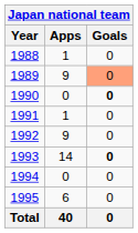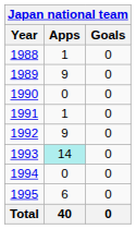 <table class="wikitable" style="text-align:center">
 <tr>
 <th colspan=3><a href='#'>Japan national team</a></th>
 </tr>
 <tr>
 <th>Year</th>
 <th>Apps</th>
 <th>Goals</th>
 </tr>
 <tr>
 <td><a href='#'>1988</a></td>
 <td>1</td>
 <td>0</td>
 </tr>
 <tr>
 <td><a href='#'>1989</a></td>
 <td>9</td>
-<td style="background: lightsalmon;">0</td>
+<td>0</td>
 </tr>
 <tr>
 <td><a href='#'>1990</a></td>
 <td>0</td>
-<td><strong>0</strong></td>
+<td>0</td>
 </tr>
 <tr>
 <td><a href='#'>1991</a></td>
 <td>1</td>
 <td>0</td>
 </tr>
 <tr>
 <td><a href='#'>1992</a></td>
 <td>9</td>
 <td>0</td>
 </tr>
 <tr>
 <td><a href='#'>1993</a></td>
-<td>14</td>
-<td><strong>0</strong></td>
+<td style="background: paleturquoise;">14</td>
+<td>0</td>
 </tr>
 <tr>
 <td><a href='#'>1994</a></td>
 <td>0</td>
 <td>0</td>
 </tr>
 <tr>
 <td><a href='#'>1995</a></td>
 <td>6</td>
 <td>0</td>
 </tr>
 <tr>
 <th>Total</th>
 <th>40</th>
 <th>0</th>
 </tr>
 </table>
